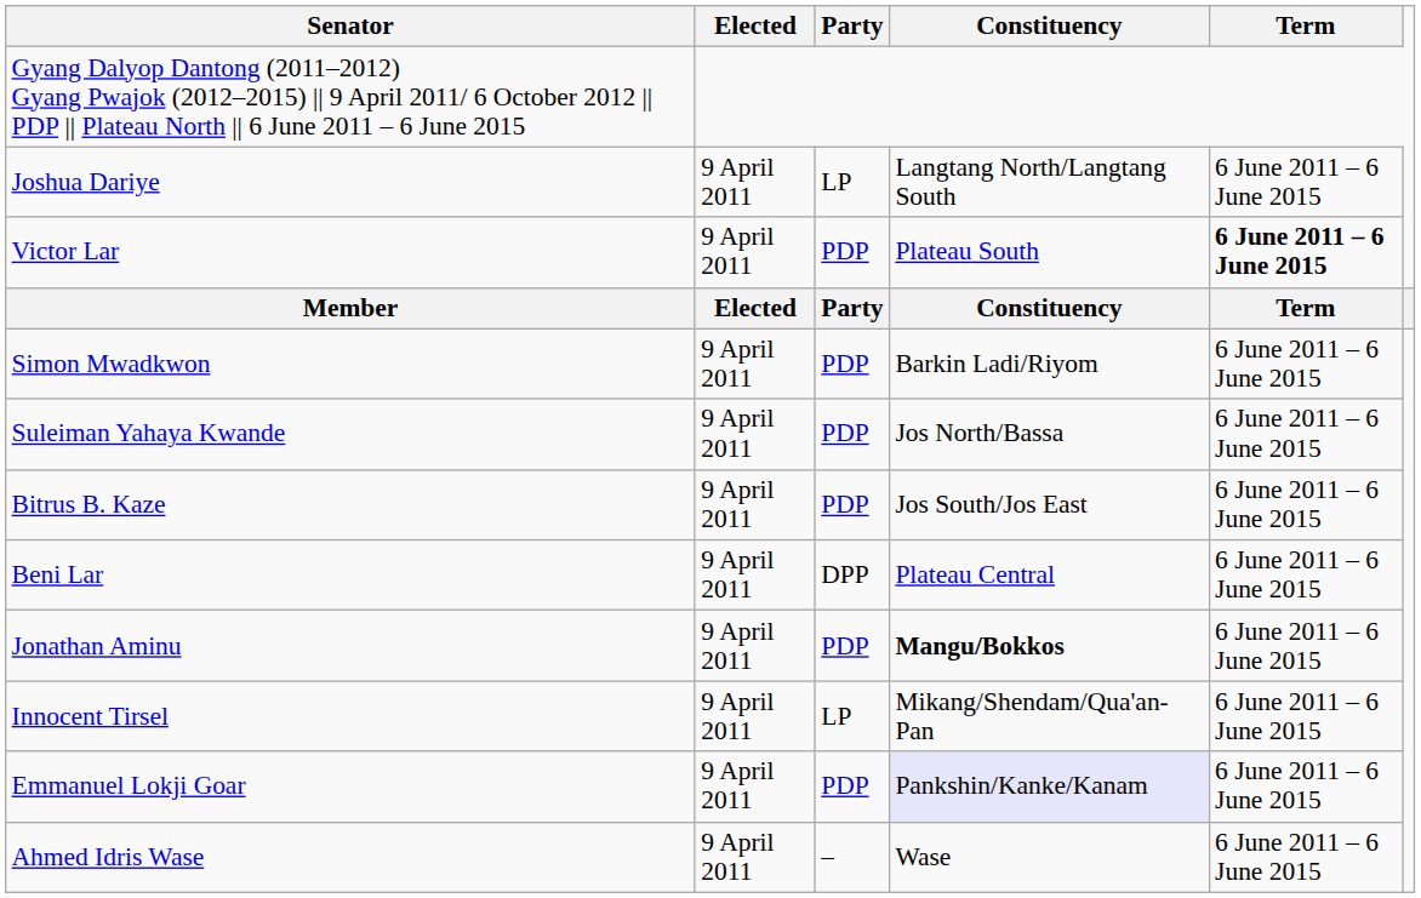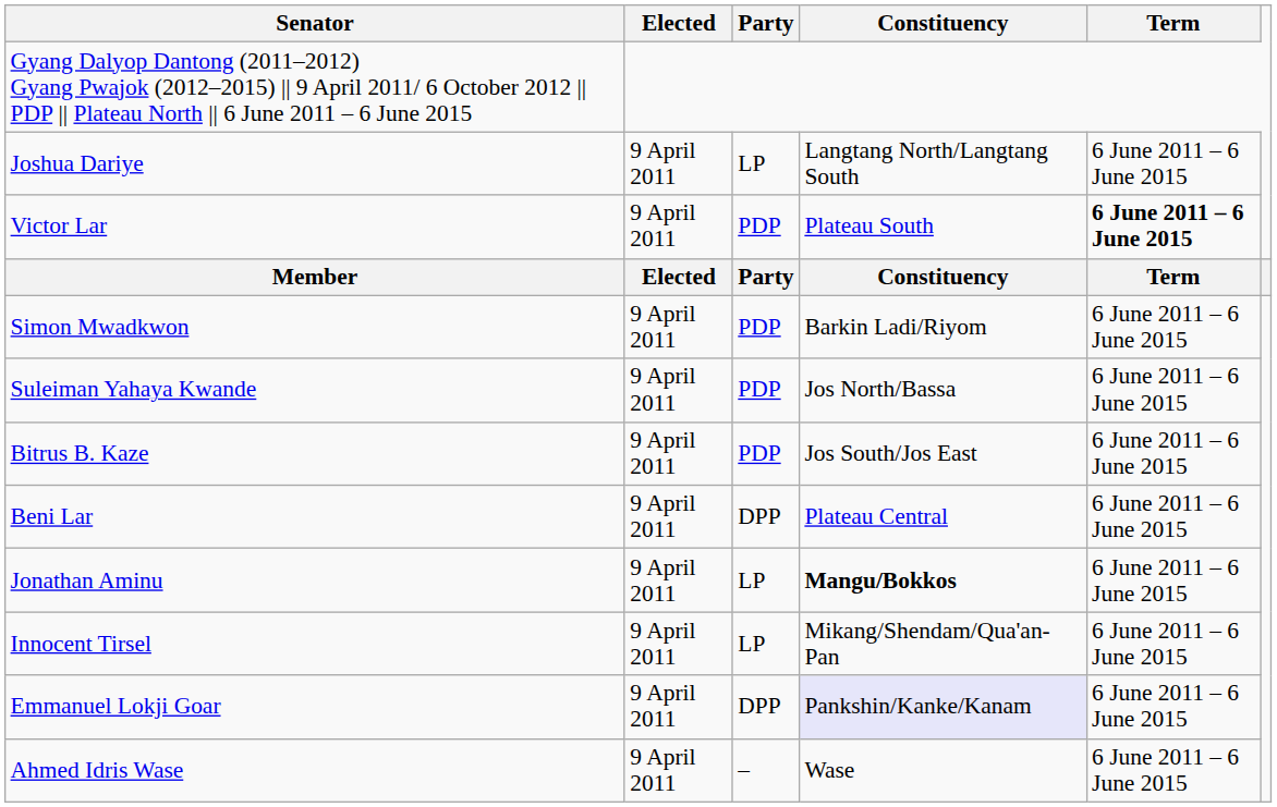 <table class="wikitable">
 <tr>
 <th>Senator</th>
 <th>Elected</th>
 <th>Party</th>
 <th>Constituency</th>
 <th>Term</th>
 </tr>
 <tr>
 <td><a href='#'>Gyang Dalyop Dantong</a> (2011–2012)<br><a href='#'>Gyang Pwajok</a> (2012–2015) || 9 April 2011/ 6 October 2012 || <a href='#'>PDP</a> || <a href='#'>Plateau North</a> || 6 June 2011 – 6 June 2015</td>
 </tr>
 <tr>
 <td><a href='#'>Joshua Dariye</a></td>
 <td>9 April 2011</td>
 <td Labour Party>LP</td>
 <td>Langtang North/Langtang South</td>
 <td>6 June 2011 – 6 June 2015</td>
 </tr>
 <tr>
 <td><a href='#'>Victor Lar</a></td>
 <td>9 April 2011</td>
 <td><a href='#'>PDP</a></td>
 <td><a href='#'>Plateau South</a></td>
 <td><strong>6 June 2011 – 6 June 2015</strong></td>
 </tr>
 <tr>
 <th>Member</th>
 <th>Elected</th>
 <th>Party</th>
 <th>Constituency</th>
 <th>Term</th>
 <th></th>
 </tr>
 <tr>
 <td><a href='#'>Simon Mwadkwon</a></td>
 <td>9 April 2011</td>
 <td><a href='#'>PDP</a></td>
 <td>Barkin Ladi/Riyom</td>
 <td>6 June 2011 – 6 June 2015</td>
 </tr>
 <tr>
 <td><a href='#'>Suleiman Yahaya Kwande</a></td>
 <td>9 April 2011</td>
 <td><a href='#'>PDP</a></td>
 <td>Jos North/Bassa</td>
 <td>6 June 2011 – 6 June 2015</td>
 </tr>
 <tr>
 <td><a href='#'>Bitrus B. Kaze</a></td>
 <td>9 April 2011</td>
 <td><a href='#'>PDP</a></td>
 <td>Jos South/Jos East</td>
 <td>6 June 2011 – 6 June 2015</td>
 </tr>
 <tr>
 <td><a href='#'>Beni Lar</a></td>
 <td>9 April 2011</td>
 <td Democratic People's Party>DPP</td>
 <td><a href='#'>Plateau Central</a></td>
 <td>6 June 2011 – 6 June 2015</td>
 </tr>
 <tr>
 <td><a href='#'>Jonathan Aminu</a></td>
 <td>9 April 2011</td>
-<td><a href='#'>PDP</a></td>
+<td Labour Party>LP</td>
 <td><strong>Mangu/Bokkos</strong></td>
 <td>6 June 2011 – 6 June 2015</td>
 </tr>
 <tr>
 <td><a href='#'>Innocent Tirsel</a></td>
 <td>9 April 2011</td>
 <td Labour Party>LP</td>
 <td>Mikang/Shendam/Qua'an-Pan</td>
 <td>6 June 2011 – 6 June 2015</td>
 </tr>
 <tr>
 <td><a href='#'>Emmanuel Lokji Goar</a></td>
 <td>9 April 2011</td>
-<td><a href='#'>PDP</a></td>
+<td Democratic People's Party>DPP</td>
 <td style="background: lavender;">Pankshin/Kanke/Kanam</td>
 <td>6 June 2011 – 6 June 2015</td>
 </tr>
 <tr>
 <td><a href='#'>Ahmed Idris Wase</a></td>
 <td>9 April 2011</td>
 <td>–</td>
 <td>Wase</td>
 <td>6 June 2011 – 6 June 2015</td>
 </tr>
 </table>
